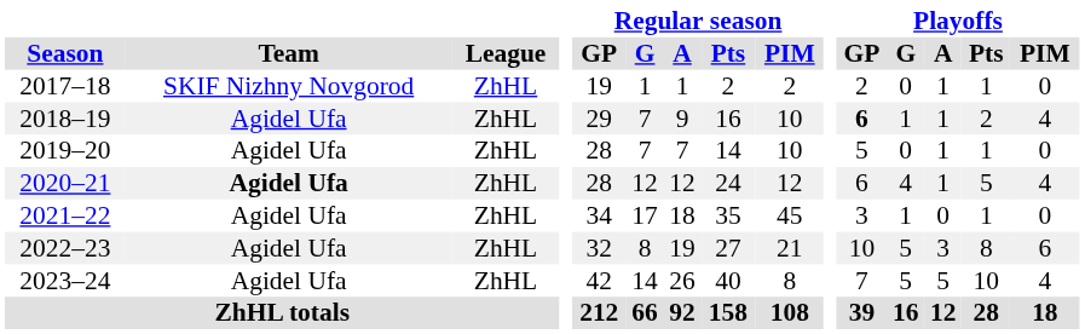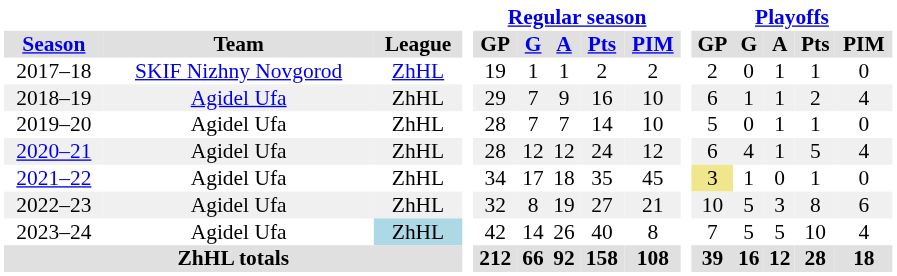 <table border="0" cellpadding="1" cellspacing="0" width="75%" style="text-align:center">
 <tr>
 <th colspan="3" bgcolor="#ffffff"> </th>
 <th rowspan="99" bgcolor="#ffffff"> </th>
 <th colspan="5"><a href='#'>Regular season</a></th>
 <th rowspan="99" bgcolor="#ffffff"> </th>
 <th colspan="5"><a href='#'>Playoffs</a></th>
 </tr>
 <tr bgcolor="#e0e0e0">
 <th><a href='#'>Season</a></th>
 <th>Team</th>
 <th>League</th>
 <th>GP</th>
 <th><a href='#'>G</a></th>
 <th><a href='#'>A</a></th>
 <th><a href='#'>Pts</a></th>
 <th><a href='#'>PIM</a></th>
 <th>GP</th>
 <th>G</th>
 <th>A</th>
 <th>Pts</th>
 <th>PIM</th>
 </tr>
 <tr>
 <td>2017–18</td>
 <td><a href='#'>SKIF Nizhny Novgorod</a></td>
 <td><a href='#'>ZhHL</a></td>
 <td>19</td>
 <td>1</td>
 <td>1</td>
 <td>2</td>
 <td>2</td>
 <td>2</td>
 <td>0</td>
 <td>1</td>
 <td>1</td>
 <td>0</td>
 </tr>
 <tr bgcolor="#f0f0f0">
 <td>2018–19</td>
 <td><a href='#'>Agidel Ufa</a></td>
 <td>ZhHL</td>
 <td>29</td>
 <td>7</td>
 <td>9</td>
 <td>16</td>
 <td>10</td>
-<td><strong>6</strong></td>
+<td>6</td>
 <td>1</td>
 <td>1</td>
 <td>2</td>
 <td>4</td>
 </tr>
 <tr>
 <td>2019–20</td>
 <td>Agidel Ufa</td>
 <td>ZhHL</td>
 <td>28</td>
 <td>7</td>
 <td>7</td>
 <td>14</td>
 <td>10</td>
 <td>5</td>
 <td>0</td>
 <td>1</td>
 <td>1</td>
 <td>0</td>
 </tr>
 <tr bgcolor="#f0f0f0">
 <td><a href='#'>2020–21</a></td>
-<td><strong>Agidel Ufa</strong></td>
+<td>Agidel Ufa</td>
 <td>ZhHL</td>
 <td>28</td>
 <td>12</td>
 <td>12</td>
 <td>24</td>
 <td>12</td>
 <td>6</td>
 <td>4</td>
 <td>1</td>
 <td>5</td>
 <td>4</td>
 </tr>
 <tr>
 <td><a href='#'>2021–22</a></td>
 <td>Agidel Ufa</td>
 <td>ZhHL</td>
 <td>34</td>
 <td>17</td>
 <td>18</td>
 <td>35</td>
 <td>45</td>
-<td>3</td>
+<td style="background: khaki;">3</td>
 <td>1</td>
 <td>0</td>
 <td>1</td>
 <td>0</td>
 </tr>
 <tr bgcolor="#f0f0f0">
 <td>2022–23</td>
 <td>Agidel Ufa</td>
 <td>ZhHL</td>
 <td>32</td>
 <td>8</td>
 <td>19</td>
 <td>27</td>
 <td>21</td>
 <td>10</td>
 <td>5</td>
 <td>3</td>
 <td>8</td>
 <td>6</td>
 </tr>
 <tr>
 <td>2023–24</td>
 <td>Agidel Ufa</td>
-<td>ZhHL</td>
+<td style="background: lightblue;">ZhHL</td>
 <td>42</td>
 <td>14</td>
 <td>26</td>
 <td>40</td>
 <td>8</td>
 <td>7</td>
 <td>5</td>
 <td>5</td>
 <td>10</td>
 <td>4</td>
 </tr>
 <tr bgcolor="#e0e0e0">
 <th colspan="3">ZhHL totals</th>
 <th>212</th>
 <th>66</th>
 <th>92</th>
 <th>158</th>
 <th>108</th>
 <th>39</th>
 <th>16</th>
 <th>12</th>
 <th>28</th>
 <th>18</th>
 </tr>
 </table>
